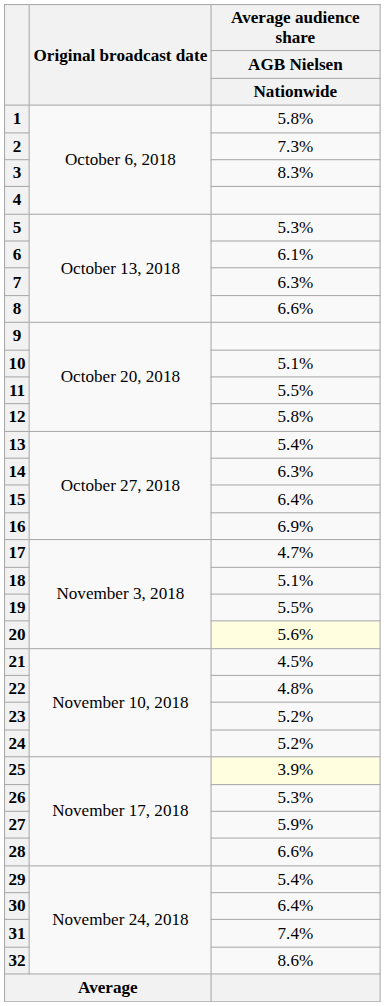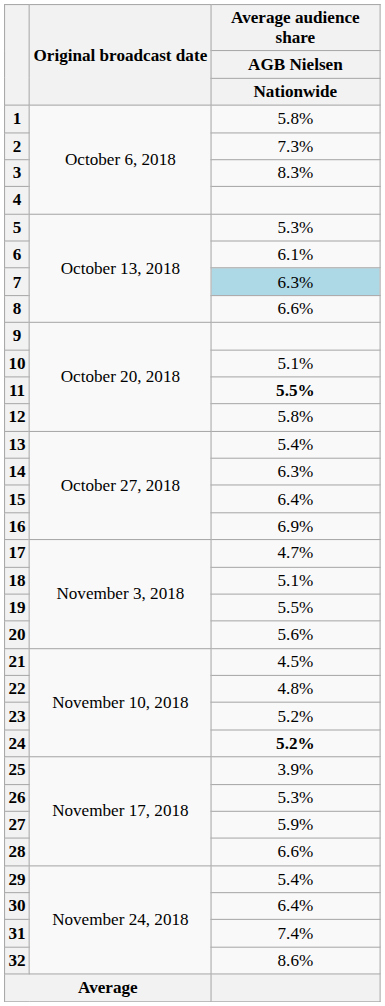 <table class="wikitable" style="text-align:center">
 <tr>
 <th rowspan="3"></th>
 <th rowspan="3">Original broadcast date</th>
 <th colspan="4">Average audience share</th>
 </tr>
 <tr>
 <th colspan="2">AGB Nielsen</th>
 </tr>
 <tr>
 <th width="150">Nationwide</th>
 </tr>
 <tr>
 <th>1</th>
 <td rowspan="4">October 6, 2018</td>
 <td>5.8%</td>
 </tr>
 <tr>
 <th>2</th>
 <td>7.3%</td>
 </tr>
 <tr>
 <th>3</th>
 <td>8.3%</td>
 </tr>
 <tr>
 <th>4</th>
 <td></td>
 </tr>
 <tr>
 <th>5</th>
 <td rowspan="4">October 13, 2018</td>
 <td>5.3%</td>
 </tr>
 <tr>
 <th>6</th>
 <td>6.1%</td>
 </tr>
 <tr>
 <th>7</th>
-<td>6.3%</td>
+<td style="background: lightblue;">6.3%</td>
 </tr>
 <tr>
 <th>8</th>
 <td>6.6%</td>
 </tr>
 <tr>
 <th>9</th>
 <td rowspan="4">October 20, 2018</td>
 <td></td>
 </tr>
 <tr>
 <th>10</th>
 <td>5.1%</td>
 </tr>
 <tr>
 <th>11</th>
-<td>5.5%</td>
+<td><strong>5.5%</strong></td>
 </tr>
 <tr>
 <th>12</th>
 <td>5.8%</td>
 </tr>
 <tr>
 <th>13</th>
 <td rowspan="4">October 27, 2018</td>
 <td>5.4%</td>
 </tr>
 <tr>
 <th>14</th>
 <td>6.3%</td>
 </tr>
 <tr>
 <th>15</th>
 <td>6.4%</td>
 </tr>
 <tr>
 <th>16</th>
 <td>6.9%</td>
 </tr>
 <tr>
 <th>17</th>
 <td rowspan="4">November 3, 2018</td>
 <td>4.7%</td>
 </tr>
 <tr>
 <th>18</th>
 <td>5.1%</td>
 </tr>
 <tr>
 <th>19</th>
 <td>5.5%</td>
 </tr>
 <tr>
 <th>20</th>
-<td style="background: lightyellow;">5.6%</td>
+<td>5.6%</td>
 </tr>
 <tr>
 <th>21</th>
 <td rowspan="4">November 10, 2018</td>
 <td>4.5%</td>
 </tr>
 <tr>
 <th>22</th>
 <td>4.8%</td>
 </tr>
 <tr>
 <th>23</th>
 <td>5.2%</td>
 </tr>
 <tr>
 <th>24</th>
-<td>5.2%</td>
+<td><strong>5.2%</strong></td>
 </tr>
 <tr>
 <th>25</th>
 <td rowspan="4">November 17, 2018</td>
-<td style="background: lightyellow;">3.9%</td>
+<td>3.9%</td>
 </tr>
 <tr>
 <th>26</th>
 <td>5.3%</td>
 </tr>
 <tr>
 <th>27</th>
 <td>5.9%</td>
 </tr>
 <tr>
 <th>28</th>
 <td>6.6%</td>
 </tr>
 <tr>
 <th>29</th>
 <td rowspan="4">November 24, 2018</td>
 <td>5.4%</td>
 </tr>
 <tr>
 <th>30</th>
 <td>6.4%</td>
 </tr>
 <tr>
 <th>31</th>
 <td>7.4%</td>
 </tr>
 <tr>
 <th>32</th>
 <td>8.6%</td>
 </tr>
 <tr>
 <th colspan="2">Average</th>
 <th></th>
 </tr>
 </table>
